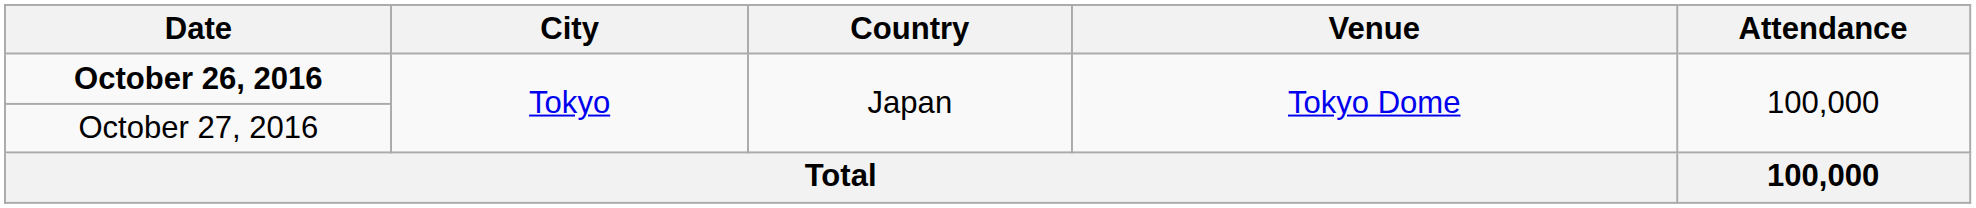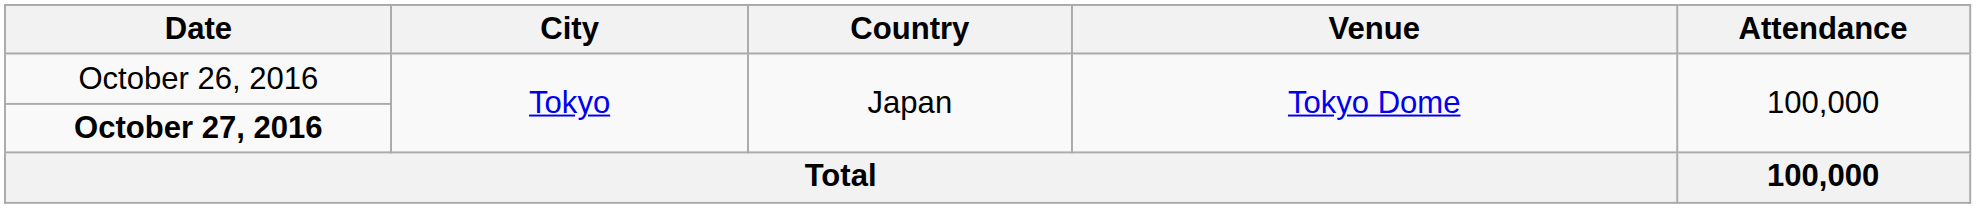 <table class="wikitable" style="text-align:center;">
 <tr>
 <th scope="col" style="width:12em;">Date</th>
 <th scope="col" style="width:11em;">City</th>
 <th scope="col" style="width:10em;">Country</th>
 <th scope="col" style="width:19em;">Venue</th>
 <th scope="col" style="width:9em;">Attendance</th>
 </tr>
 <tr>
-<td><strong>October 26, 2016</strong></td>
+<td>October 26, 2016</td>
 <td rowspan="2"><a href='#'>Tokyo</a></td>
 <td rowspan="2">Japan</td>
 <td rowspan="2"><a href='#'>Tokyo Dome</a></td>
 <td rowspan="2">100,000</td>
 </tr>
 <tr>
-<td>October 27, 2016</td>
+<td><strong>October 27, 2016</strong></td>
 </tr>
 <tr>
 <th colspan="4">Total</th>
 <th>100,000</th>
 </tr>
 </table>
